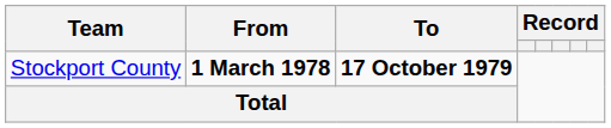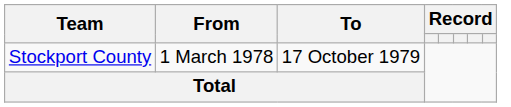 <table class=wikitable style="text-align: center">
 <tr>
 <th rowspan=2>Team</th>
 <th rowspan=2>From</th>
 <th rowspan=2>To</th>
 <th colspan=5>Record</th>
 </tr>
 <tr>
 <th></th>
 <th></th>
 <th></th>
 <th></th>
 <th></th>
 </tr>
 <tr>
 <td align=left><a href='#'>Stockport County</a></td>
-<td align=left><strong>1 March 1978</strong></td>
-<td align=left><strong>17 October 1979<br></strong></td>
+<td align=left>1 March 1978</td>
+<td align=left>17 October 1979<br></td>
 </tr>
 <tr>
 <th colspan="3">Total<br></th>
 </tr>
 </table>
